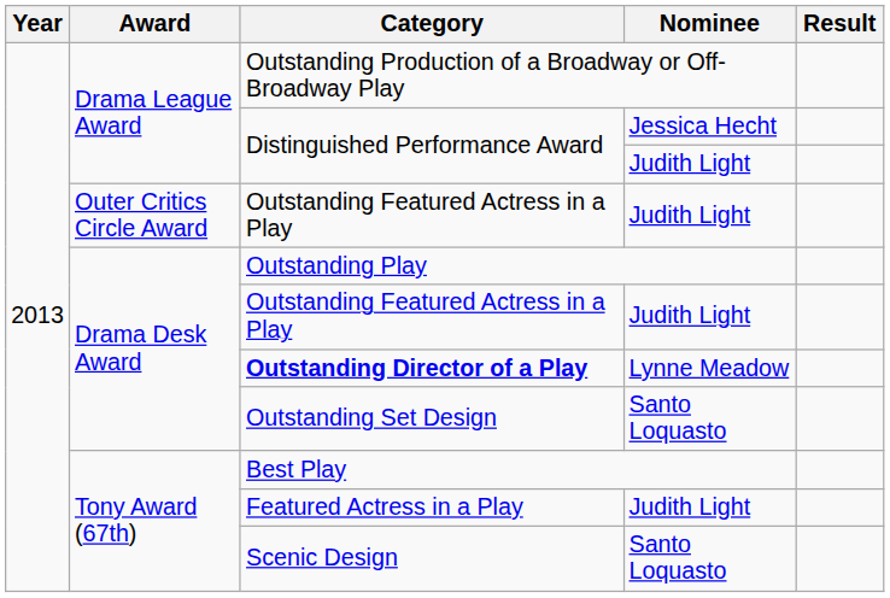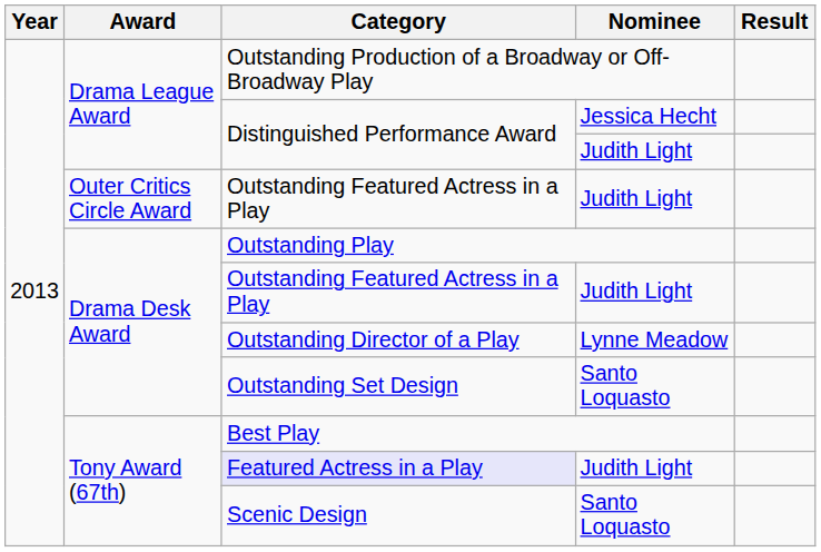 <table class="wikitable" width="95%">
 <tr>
 <th width="5%">Year</th>
 <th width="20%">Award</th>
 <th width="45%">Category</th>
 <th width="20%">Nominee</th>
 <th width="10%">Result</th>
 </tr>
 <tr>
 <td rowspan="11" align="center">2013</td>
 <td rowspan="3"><a href='#'>Drama League Award</a></td>
 <td colspan="2">Outstanding Production of a Broadway or Off-Broadway Play</td>
 <td></td>
 </tr>
 <tr>
 <td rowspan="2">Distinguished Performance Award</td>
 <td><a href='#'>Jessica Hecht</a></td>
 <td></td>
 </tr>
 <tr>
 <td><a href='#'>Judith Light</a></td>
 <td></td>
 </tr>
 <tr>
 <td><a href='#'>Outer Critics Circle Award</a></td>
 <td>Outstanding Featured Actress in a Play</td>
 <td><a href='#'>Judith Light</a></td>
 <td></td>
 </tr>
 <tr>
 <td rowspan="4"><a href='#'>Drama Desk Award</a></td>
 <td colspan="2"><a href='#'>Outstanding Play</a></td>
 <td></td>
 </tr>
 <tr>
 <td><a href='#'>Outstanding Featured Actress in a Play</a></td>
 <td><a href='#'>Judith Light</a></td>
 <td></td>
 </tr>
 <tr>
-<td><strong><a href='#'>Outstanding Director of a Play</a></strong></td>
+<td><a href='#'>Outstanding Director of a Play</a></td>
 <td><a href='#'>Lynne Meadow</a></td>
 <td></td>
 </tr>
 <tr>
 <td><a href='#'>Outstanding Set Design</a></td>
 <td><a href='#'>Santo Loquasto</a></td>
 <td></td>
 </tr>
 <tr>
 <td rowspan="3"><a href='#'>Tony Award</a><br>(<a href='#'>67th</a>)</td>
 <td colspan="2"><a href='#'>Best Play</a></td>
 <td></td>
 </tr>
 <tr>
-<td><a href='#'>Featured Actress in a Play</a></td>
+<td style="background: lavender;"><a href='#'>Featured Actress in a Play</a></td>
 <td><a href='#'>Judith Light</a></td>
 <td></td>
 </tr>
 <tr>
 <td><a href='#'>Scenic Design</a></td>
 <td><a href='#'>Santo Loquasto</a></td>
 <td></td>
 </tr>
 </table>
